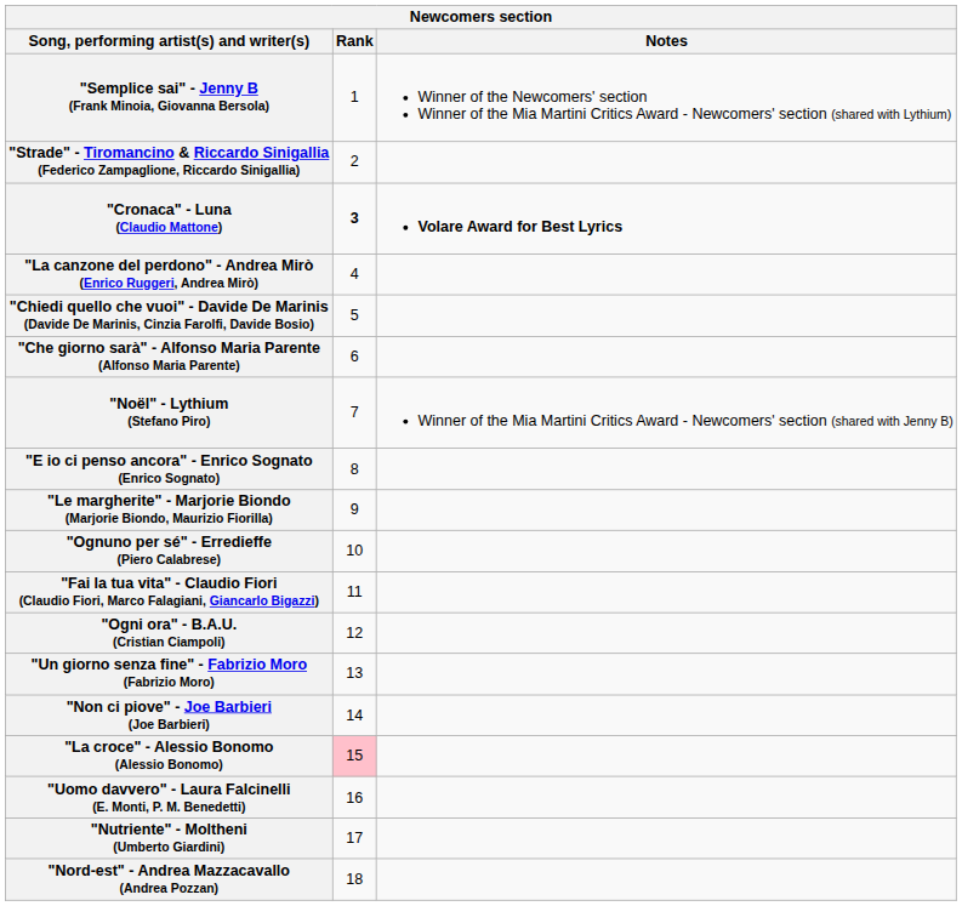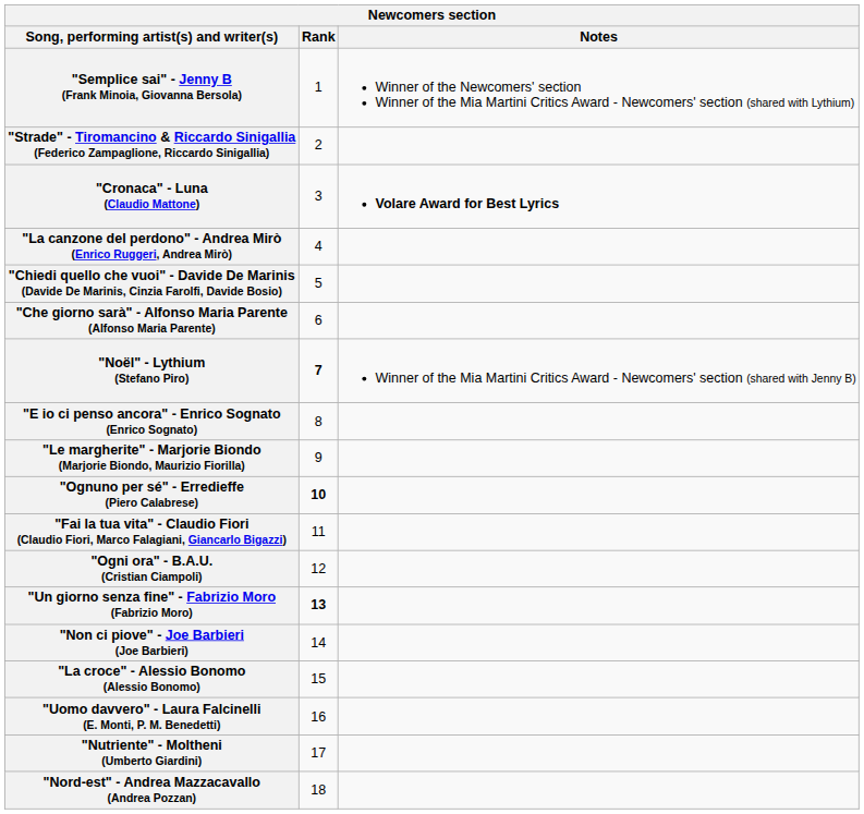 <table class="plainrowheaders wikitable">
 <tr>
 <th colspan="3">Newcomers section</th>
 </tr>
 <tr>
 <th>Song, performing artist(s) and writer(s)</th>
 <th>Rank</th>
 <th>Notes</th>
 </tr>
 <tr>
 <th scope="row">"Semplice sai" - <a href='#'>Jenny B</a>   <br><small> (Frank Minoia, Giovanna Bersola)</small></th>
 <td align="center">1</td>
 <td><br><ul><li>Winner of the Newcomers' section</li><li>Winner of the Mia Martini Critics Award - Newcomers' section <small>(shared with Lythium)</small></li></ul></td>
 </tr>
 <tr>
 <th scope="row">"Strade" -  <a href='#'>Tiromancino</a> & <a href='#'>Riccardo Sinigallia</a> <br><small> (Federico Zampaglione, Riccardo Sinigallia)</small></th>
 <td align="center">2</td>
 <td></td>
 </tr>
 <tr>
 <th scope="row">"Cronaca" - Luna <br><small> (<a href='#'>Claudio Mattone</a>)</small></th>
-<td align="center"><strong>3</strong></td>
+<td align="center">3</td>
 <td><strong><br><ul><li>Volare Award for Best Lyrics</li></ul></strong></td>
 </tr>
 <tr>
 <th scope="row">"La canzone del perdono" -  Andrea Mirò<br> <small>(<a href='#'>Enrico Ruggeri</a>, Andrea Mirò)</small></th>
 <td align="center">4</td>
 <td></td>
 </tr>
 <tr>
 <th scope="row">"Chiedi quello che vuoi" - Davide De Marinis<br> <small>(Davide De Marinis, Cinzia Farolfi, Davide Bosio)</small></th>
 <td align="center">5</td>
 <td></td>
 </tr>
 <tr>
 <th scope="row">"Che giorno sarà" - Alfonso Maria Parente<br><small>(Alfonso Maria Parente)</small></th>
 <td align="center">6</td>
 <td></td>
 </tr>
 <tr>
 <th scope="row">"Noël" - Lythium<br> <small>(Stefano Piro)</small></th>
-<td align="center">7</td>
+<td align="center"><strong>7</strong></td>
 <td><br><ul><li>Winner of the Mia Martini Critics Award - Newcomers' section <small>(shared with Jenny B)</small></li></ul></td>
 </tr>
 <tr>
 <th scope="row">"E io ci penso ancora" - Enrico Sognato<br><small>(Enrico Sognato)</small></th>
 <td align="center">8</td>
 <td></td>
 </tr>
 <tr>
 <th scope="row">"Le margherite" - Marjorie Biondo<br><small>(Marjorie Biondo, Maurizio Fiorilla)</small></th>
 <td align="center">9</td>
 <td></td>
 </tr>
 <tr>
 <th scope="row">"Ognuno per sé" - Erredieffe<br><small>(Piero Calabrese)</small></th>
-<td align="center">10</td>
+<td align="center"><strong>10</strong></td>
 <td></td>
 </tr>
 <tr>
 <th scope="row">"Fai la tua vita" -  Claudio Fiori<br> <small>(Claudio Fiori, Marco Falagiani, <a href='#'>Giancarlo Bigazzi</a>)</small></th>
 <td align="center">11</td>
 <td></td>
 </tr>
 <tr>
 <th scope="row">"Ogni ora" - B.A.U. <br> <small>(Cristian Ciampoli)</small></th>
 <td align="center">12</td>
 <td></td>
 </tr>
 <tr>
 <th scope="row">"Un giorno senza fine" - <a href='#'>Fabrizio Moro</a><br><small>(Fabrizio Moro)</small></th>
-<td align="center">13</td>
+<td align="center"><strong>13</strong></td>
 <td></td>
 </tr>
 <tr>
 <th scope="row">"Non ci piove" - <a href='#'>Joe Barbieri</a><br><small>(Joe Barbieri)</small></th>
 <td align="center">14</td>
 <td></td>
 </tr>
 <tr>
 <th scope="row">"La croce" - Alessio Bonomo <br><small>(Alessio Bonomo)</small></th>
-<td align="center" style="background: pink;">15</td>
+<td align="center">15</td>
 <td></td>
 </tr>
 <tr>
 <th scope="row">"Uomo davvero" - Laura Falcinelli<br><small>(E. Monti, P. M. Benedetti)</small></th>
 <td align="center">16</td>
 <td></td>
 </tr>
 <tr>
 <th scope="row">"Nutriente" - Moltheni <br><small>(Umberto Giardini)</small></th>
 <td align="center">17</td>
 <td></td>
 </tr>
 <tr>
 <th scope="row">"Nord-est" - Andrea Mazzacavallo<br><small>(Andrea Pozzan)</small></th>
 <td align="center">18</td>
 <td></td>
 </tr>
 </table>
